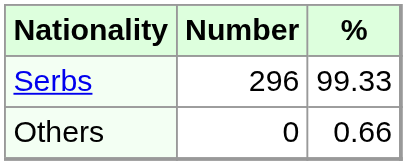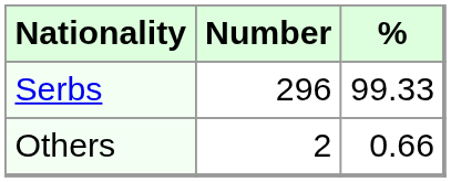 <table border=1 cellpadding=4 cellspacing=0 class="toccolours" style="align: left; margin: 0.5em 0 0 0; border-style: solid; border: 1px solid #999; border-right-width: 2px; border-bottom-width: 2px; border-collapse: collapse; font-size: 100%;">
 <tr>
 <td style="background:#ddffdd;"><strong>Nationality</strong></td>
 <td colspan=1 style="background:#ddffdd;" align="center"><strong>Number</strong></td>
 <td colspan=1 style="background:#ddffdd;" align="center"><strong>%</strong></td>
 </tr>
 <tr>
 <td style="background:#f3fff3;"><a href='#'>Serbs</a></td>
 <td align="right">296</td>
 <td align="right">99.33</td>
 </tr>
 <tr>
 <td style="background:#f3fff3;">Others</td>
-<td align="right">0</td>
+<td align="right">2</td>
 <td align="right">0.66</td>
 </tr>
 </table>
